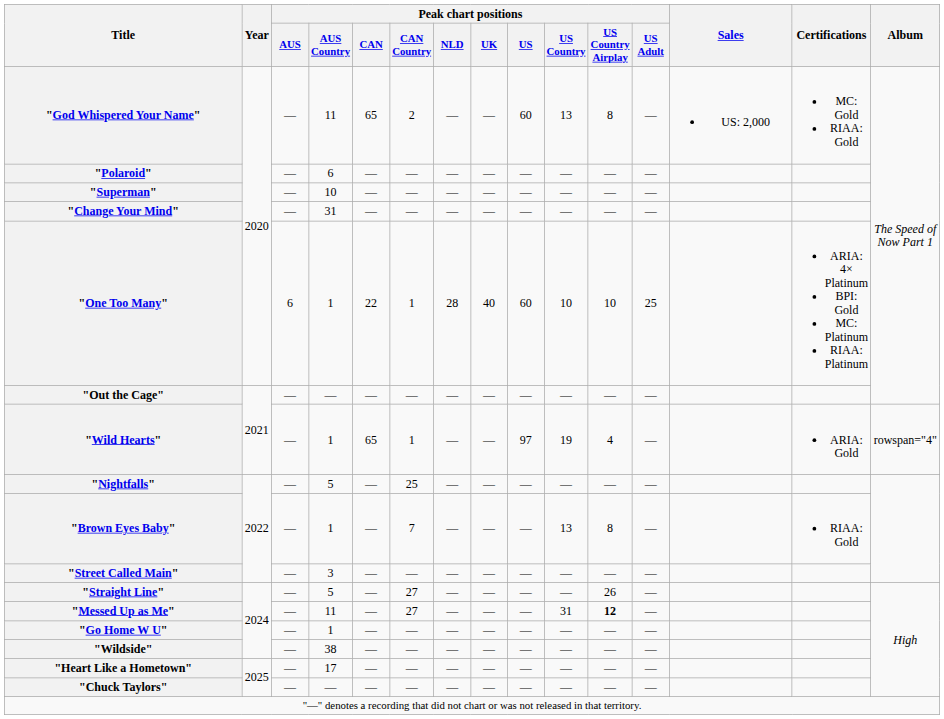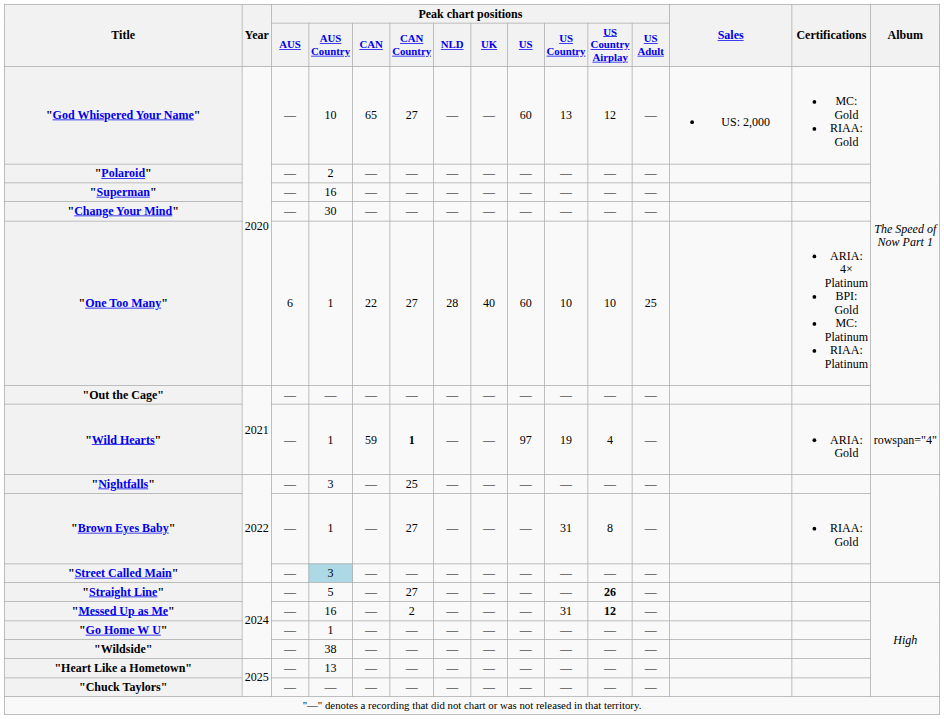 <table class="wikitable plainrowheaders" style="text-align:center;" border="1">
 <tr>
 <th scope="col" rowspan="2" style="width:20em;">Title</th>
 <th scope="col" rowspan="2">Year</th>
 <th scope="col" colspan="10">Peak chart positions</th>
 <th scope="col" rowspan="2" style="width:10em;"><a href='#'>Sales</a></th>
 <th rowspan="2">Certifications</th>
 <th scope="col" rowspan="2">Album</th>
 </tr>
 <tr>
 <th scope="col" style="width:3em;font-size:90%;"><a href='#'>AUS</a><br></th>
 <th scope="col" style="width:3em;font-size:90%;"><a href='#'>AUS<br>Country</a><br></th>
 <th scope="col" style="width:3em;font-size:90%;"><a href='#'>CAN</a><br></th>
 <th scope="col" style="width:3em;font-size:90%;"><a href='#'>CAN<br>Country</a><br></th>
 <th scope="col" style="width:3em;font-size:90%;"><a href='#'>NLD</a><br></th>
 <th scope="col" style="width:3em;font-size:90%;"><a href='#'>UK</a><br></th>
 <th scope="col" style="width:3em;font-size:90%;"><a href='#'>US</a><br></th>
 <th scope="col" style="width:3em;font-size:90%;"><a href='#'>US<br>Country</a><br></th>
 <th scope="col" style="width:3em;font-size:90%;"><a href='#'>US<br>Country<br>Airplay</a><br></th>
 <th scope="col" style="width:3em;font-size:90%;"><a href='#'>US Adult</a><br></th>
 </tr>
 <tr>
 <th scope="row">"<a href='#'>God Whispered Your Name</a>"</th>
 <td rowspan="5">2020</td>
 <td>—</td>
-<td>11</td>
+<td>10</td>
 <td>65</td>
-<td>2</td>
+<td>27</td>
 <td>—</td>
 <td>—</td>
 <td>60</td>
 <td>13</td>
-<td>8</td>
+<td>12</td>
 <td>—</td>
 <td><br><ul><li>US: 2,000</li></ul></td>
 <td><br><ul><li>MC: Gold</li><li>RIAA: Gold</li></ul></td>
 <td rowspan="6"><em>The Speed of Now Part 1</em></td>
 </tr>
 <tr>
 <th scope="row">"<a href='#'>Polaroid</a>"</th>
 <td>—</td>
-<td>6</td>
+<td>2</td>
 <td>—</td>
 <td>—</td>
 <td>—</td>
 <td>—</td>
 <td>—</td>
 <td>—</td>
 <td>—</td>
 <td>—</td>
 <td></td>
 <td></td>
 </tr>
 <tr>
 <th scope="row">"<a href='#'>Superman</a>"</th>
 <td>—</td>
-<td>10</td>
+<td>16</td>
 <td>—</td>
 <td>—</td>
 <td>—</td>
 <td>—</td>
 <td>—</td>
 <td>—</td>
 <td>—</td>
 <td>—</td>
 <td></td>
 <td></td>
 </tr>
 <tr>
 <th scope="row">"<a href='#'>Change Your Mind</a>"</th>
 <td>—</td>
-<td>31</td>
+<td>30</td>
 <td>—</td>
 <td>—</td>
 <td>—</td>
 <td>—</td>
 <td>—</td>
 <td>—</td>
 <td>—</td>
 <td>—</td>
 <td></td>
 <td></td>
 </tr>
 <tr>
 <th scope="row">"<a href='#'>One Too Many</a>"<br></th>
 <td>6</td>
 <td>1</td>
 <td>22</td>
-<td>1</td>
+<td>27</td>
 <td>28</td>
 <td>40</td>
 <td>60</td>
 <td>10</td>
 <td>10</td>
 <td>25</td>
 <td></td>
 <td><br><ul><li>ARIA: 4× Platinum</li><li>BPI: Gold</li><li>MC: Platinum</li><li>RIAA: Platinum</li></ul></td>
 </tr>
 <tr>
 <th scope="row">"Out the Cage"<br></th>
 <td rowspan="2">2021</td>
 <td>—</td>
 <td>—</td>
 <td>—</td>
 <td>—</td>
 <td>—</td>
 <td>—</td>
 <td>—</td>
 <td>—</td>
 <td>—</td>
 <td>—</td>
 <td></td>
 <td></td>
 </tr>
 <tr>
 <th scope="row">"<a href='#'>Wild Hearts</a>"</th>
 <td>—</td>
 <td>1</td>
-<td>65</td>
-<td>1</td>
+<td>59</td>
+<td><strong>1</strong></td>
 <td>—</td>
 <td>—</td>
 <td>97</td>
 <td>19</td>
 <td>4</td>
 <td>—</td>
 <td></td>
 <td><br><ul><li>ARIA: Gold</li></ul></td>
 <td>rowspan="4" </td>
 </tr>
 <tr>
 <th scope="row">"<a href='#'>Nightfalls</a>"</th>
 <td rowspan="3">2022</td>
 <td>—</td>
-<td>5</td>
+<td>3</td>
 <td>—</td>
 <td>25</td>
 <td>—</td>
 <td>—</td>
 <td>—</td>
 <td>—</td>
 <td>—</td>
 <td>—</td>
 <td></td>
 <td></td>
 </tr>
 <tr>
 <th scope="row">"<a href='#'>Brown Eyes Baby</a>"</th>
 <td>—</td>
 <td>1</td>
 <td>—</td>
-<td>7</td>
+<td>27</td>
 <td>—</td>
 <td>—</td>
 <td>—</td>
-<td>13</td>
+<td>31</td>
 <td>8</td>
 <td>—</td>
 <td></td>
 <td><br><ul><li>RIAA: Gold</li></ul></td>
 </tr>
 <tr>
 <th scope="row">"<a href='#'>Street Called Main</a>"</th>
 <td>—</td>
-<td>3</td>
+<td style="background: lightblue;">3</td>
 <td>—</td>
 <td>—</td>
 <td>—</td>
 <td>—</td>
 <td>—</td>
 <td>—</td>
 <td>—</td>
 <td>—</td>
 <td></td>
 <td></td>
 </tr>
 <tr>
 <th scope="row">"<a href='#'>Straight Line</a>"</th>
 <td rowspan="4">2024</td>
 <td>—</td>
 <td>5</td>
 <td>—</td>
 <td>27</td>
 <td>—</td>
 <td>—</td>
 <td>—</td>
 <td>—</td>
-<td>26</td>
+<td><strong>26</strong></td>
 <td>—</td>
 <td></td>
 <td></td>
 <td rowspan="6"><em>High</em></td>
 </tr>
 <tr>
 <th scope="row">"<a href='#'>Messed Up as Me</a>"</th>
 <td>—</td>
-<td>11</td>
+<td>16</td>
 <td>—</td>
-<td>27</td>
+<td>2</td>
 <td>—</td>
 <td>—</td>
 <td>—</td>
 <td>31</td>
 <td><strong>12</strong></td>
 <td>—</td>
 <td></td>
 <td></td>
 </tr>
 <tr>
 <th scope="row">"<a href='#'>Go Home W U</a>"<br></th>
 <td>—</td>
 <td>1</td>
 <td>—</td>
 <td>—</td>
 <td>—</td>
 <td>—</td>
 <td>—</td>
 <td>—</td>
 <td>—</td>
 <td>—</td>
 <td></td>
 <td></td>
 </tr>
 <tr>
 <th scope="row">"Wildside"</th>
 <td>—</td>
 <td>38</td>
 <td>—</td>
 <td>—</td>
 <td>—</td>
 <td>—</td>
 <td>—</td>
 <td>—</td>
 <td>—</td>
 <td>—</td>
 <td></td>
 <td></td>
 </tr>
 <tr>
 <th scope="row">"Heart Like a Hometown"</th>
 <td rowspan="2">2025</td>
 <td>—</td>
-<td>17</td>
+<td>13</td>
 <td>—</td>
 <td>—</td>
 <td>—</td>
 <td>—</td>
 <td>—</td>
 <td>—</td>
 <td>—</td>
 <td>—</td>
 <td></td>
 <td></td>
 </tr>
 <tr>
 <th scope="row">"Chuck Taylors"</th>
 <td>—</td>
 <td>—</td>
 <td>—</td>
 <td>—</td>
 <td>—</td>
 <td>—</td>
 <td>—</td>
 <td>—</td>
 <td>—</td>
 <td>—</td>
 <td></td>
 <td></td>
 </tr>
 <tr>
 <td colspan="16" style="font-size:90%">"—" denotes a recording that did not chart or was not released in that territory.</td>
 </tr>
 </table>
